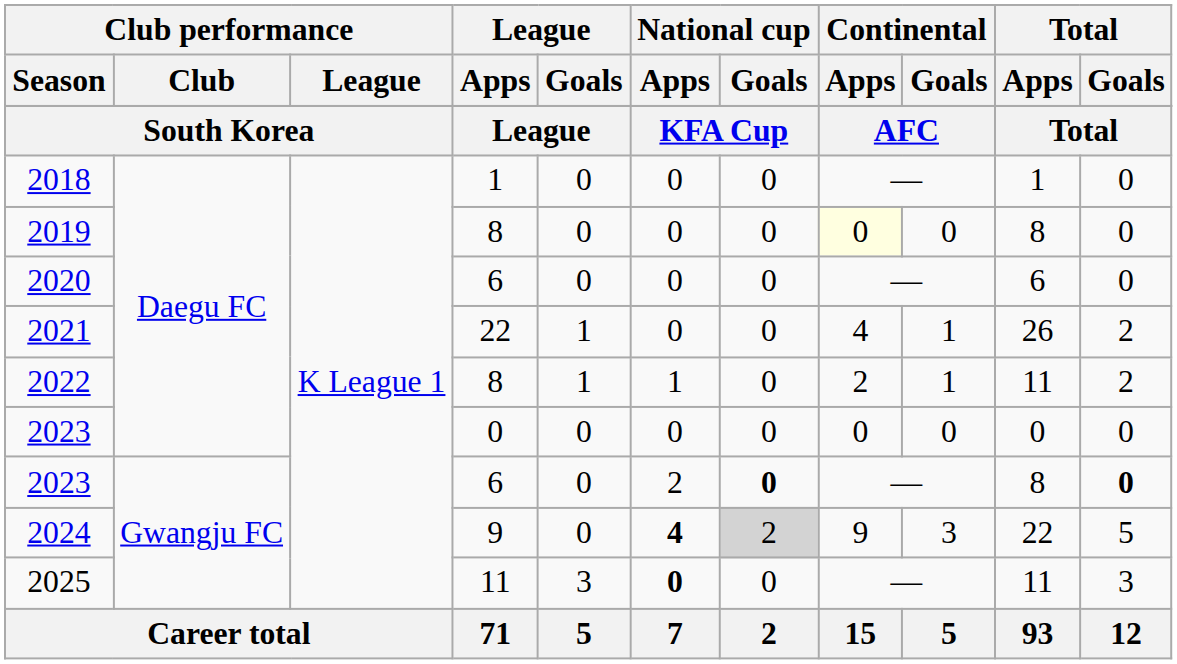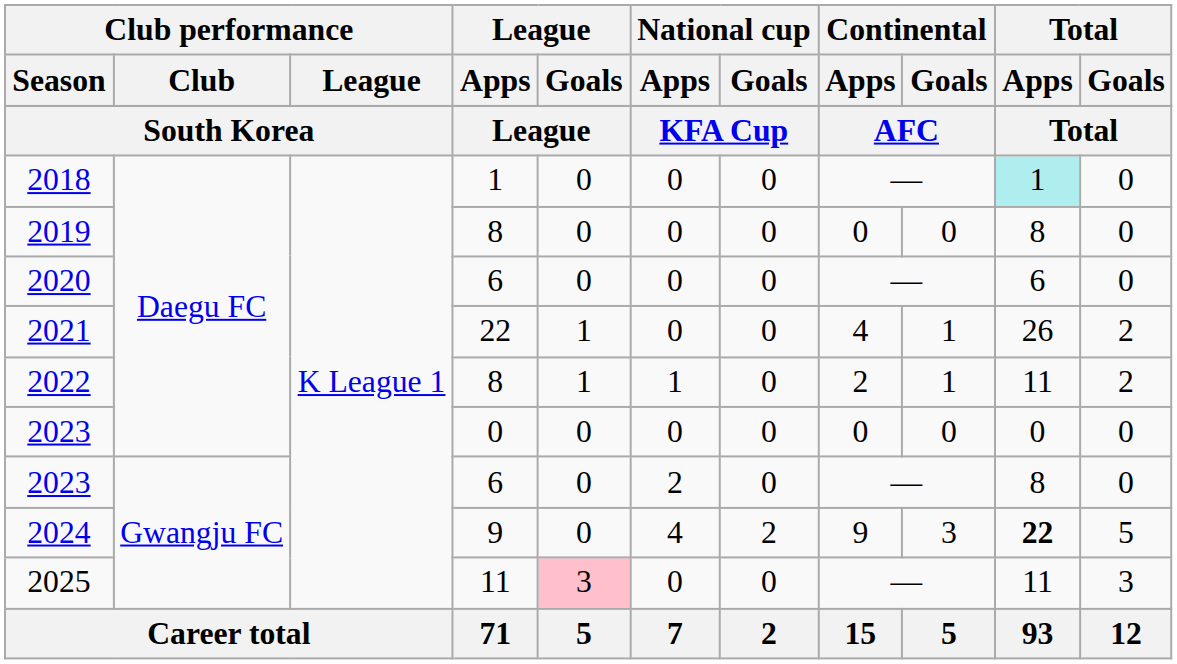 <table class="wikitable" style="text-align:center">
 <tr>
 <th colspan=3>Club performance</th>
 <th colspan=2>League</th>
 <th colspan=2>National cup</th>
 <th colspan=2>Continental</th>
 <th colspan=2>Total</th>
 </tr>
 <tr>
 <th>Season</th>
 <th>Club</th>
 <th>League</th>
 <th>Apps</th>
 <th>Goals</th>
 <th>Apps</th>
 <th>Goals</th>
 <th>Apps</th>
 <th>Goals</th>
 <th>Apps</th>
 <th>Goals</th>
 </tr>
 <tr>
 </tr>
 <tr>
 <th colspan=3>South Korea</th>
 <th colspan=2>League</th>
 <th colspan=2><a href='#'>KFA Cup</a></th>
 <th colspan=2><a href='#'>AFC</a></th>
 <th colspan=2>Total</th>
 </tr>
 <tr>
 <td><a href='#'>2018</a></td>
 <td rowspan="6"><a href='#'>Daegu FC</a></td>
 <td rowspan="9"><a href='#'>K League 1</a></td>
 <td>1</td>
 <td>0</td>
 <td>0</td>
 <td>0</td>
 <td colspan="2">—</td>
-<td>1</td>
+<td style="background: paleturquoise;">1</td>
 <td>0</td>
 </tr>
 <tr>
 <td><a href='#'>2019</a></td>
 <td>8</td>
 <td>0</td>
 <td>0</td>
 <td>0</td>
-<td style="background: lightyellow;">0</td>
+<td>0</td>
 <td>0</td>
 <td>8</td>
 <td>0</td>
 </tr>
 <tr>
 <td><a href='#'>2020</a></td>
 <td>6</td>
 <td>0</td>
 <td>0</td>
 <td>0</td>
 <td colspan="2">—</td>
 <td>6</td>
 <td>0</td>
 </tr>
 <tr>
 <td><a href='#'>2021</a></td>
 <td>22</td>
 <td>1</td>
 <td>0</td>
 <td>0</td>
 <td>4</td>
 <td>1</td>
 <td>26</td>
 <td>2</td>
 </tr>
 <tr>
 <td><a href='#'>2022</a></td>
 <td>8</td>
 <td>1</td>
 <td>1</td>
 <td>0</td>
 <td>2</td>
 <td>1</td>
 <td>11</td>
 <td>2</td>
 </tr>
 <tr>
 <td><a href='#'>2023</a></td>
 <td>0</td>
 <td>0</td>
 <td>0</td>
 <td>0</td>
 <td>0</td>
 <td>0</td>
 <td>0</td>
 <td>0</td>
 </tr>
 <tr>
 <td><a href='#'>2023</a></td>
 <td rowspan="3"><a href='#'>Gwangju FC</a></td>
 <td>6</td>
 <td>0</td>
 <td>2</td>
-<td><strong>0</strong></td>
+<td>0</td>
 <td colspan="2">—</td>
 <td>8</td>
-<td><strong>0</strong></td>
+<td>0</td>
 </tr>
 <tr>
 <td><a href='#'>2024</a></td>
 <td>9</td>
 <td>0</td>
-<td><strong>4</strong></td>
-<td style="background: lightgrey;">2</td>
+<td>4</td>
+<td>2</td>
 <td>9</td>
 <td>3</td>
-<td>22</td>
+<td><strong>22</strong></td>
 <td>5</td>
 </tr>
 <tr>
 <td>2025</td>
 <td>11</td>
-<td>3</td>
-<td><strong>0</strong></td>
+<td style="background: pink;">3</td>
+<td>0</td>
 <td>0</td>
 <td colspan="2">—</td>
 <td>11</td>
 <td>3</td>
 </tr>
 <tr>
 <th colspan="3">Career total</th>
 <th>71</th>
 <th>5</th>
 <th>7</th>
 <th>2</th>
 <th>15</th>
 <th>5</th>
 <th>93</th>
 <th>12</th>
 </tr>
 </table>
